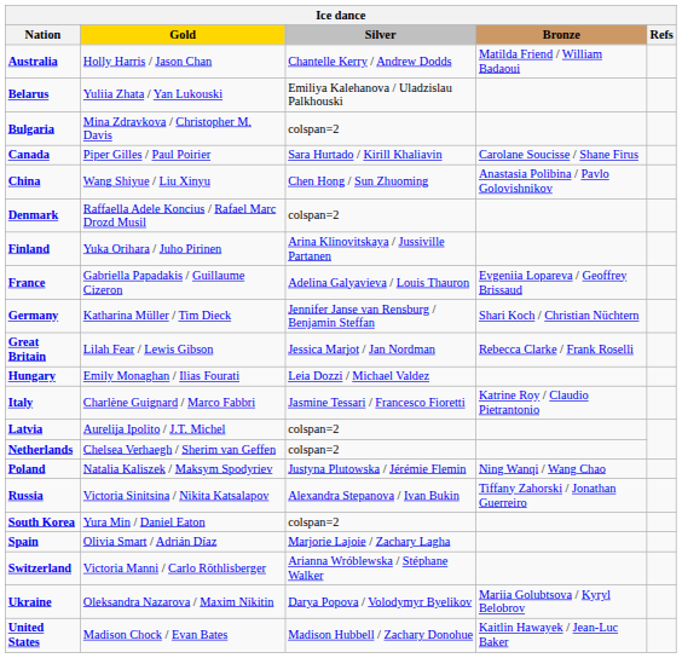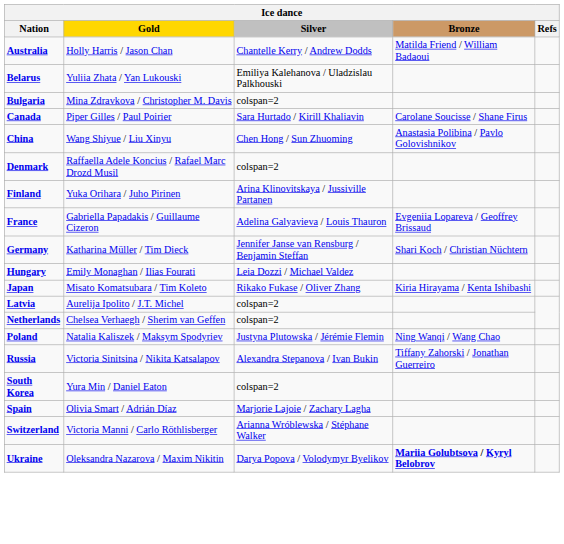 <table class="wikitable">
 <tr>
 <th colspan=5>Ice dance</th>
 </tr>
 <tr>
 <th>Nation</th>
 <td style="text-align:center; background:gold;"><strong>Gold</strong></td>
 <td style="text-align:center; background:silver;"><strong>Silver</strong></td>
 <td style="text-align:center; background:#c96;"><strong>Bronze</strong></td>
 <th>Refs</th>
 </tr>
 <tr>
 <td><strong> <a href='#'>Australia</a></strong></td>
 <td><a href='#'>Holly Harris</a> / <a href='#'>Jason Chan</a></td>
 <td><a href='#'>Chantelle Kerry</a> / <a href='#'>Andrew Dodds</a></td>
 <td><a href='#'>Matilda Friend</a> / <a href='#'>William Badaoui</a></td>
 <td></td>
 </tr>
 <tr>
 <td><strong> <a href='#'>Belarus</a></strong></td>
 <td><a href='#'>Yuliia Zhata</a> / <a href='#'>Yan Lukouski</a></td>
 <td>Emiliya Kalehanova / Uladzislau Palkhouski</td>
 <td></td>
 <td></td>
 </tr>
 <tr>
 <td><strong> <a href='#'>Bulgaria</a></strong></td>
 <td><a href='#'>Mina Zdravkova</a> / <a href='#'>Christopher M. Davis</a></td>
 <td>colspan=2 </td>
 <td></td>
 </tr>
 <tr>
 <td><strong> <a href='#'>Canada</a></strong></td>
 <td><a href='#'>Piper Gilles</a> / <a href='#'>Paul Poirier</a></td>
 <td><a href='#'>Sara Hurtado</a> / <a href='#'>Kirill Khaliavin</a></td>
 <td><a href='#'>Carolane Soucisse</a> / <a href='#'>Shane Firus</a></td>
 <td></td>
 </tr>
 <tr>
 <td><strong> <a href='#'>China</a></strong></td>
 <td><a href='#'>Wang Shiyue</a> / <a href='#'>Liu Xinyu</a></td>
 <td><a href='#'>Chen Hong</a> / <a href='#'>Sun Zhuoming</a></td>
 <td><a href='#'>Anastasia Polibina</a> / <a href='#'>Pavlo Golovishnikov</a></td>
 <td></td>
 </tr>
 <tr>
 <td><strong> <a href='#'>Denmark</a></strong></td>
 <td><a href='#'>Raffaella Adele Koncius</a> / <a href='#'>Rafael Marc Drozd Musil</a></td>
 <td>colspan=2 </td>
 <td></td>
 </tr>
 <tr>
 <td><strong> <a href='#'>Finland</a></strong></td>
 <td><a href='#'>Yuka Orihara</a> / <a href='#'>Juho Pirinen</a></td>
 <td><a href='#'>Arina Klinovitskaya</a> / <a href='#'>Jussiville Partanen</a></td>
 <td></td>
 <td></td>
 </tr>
 <tr>
 <td><strong> <a href='#'>France</a></strong></td>
 <td><a href='#'>Gabriella Papadakis</a> / <a href='#'>Guillaume Cizeron</a></td>
 <td><a href='#'>Adelina Galyavieva</a> / <a href='#'>Louis Thauron</a></td>
 <td><a href='#'>Evgeniia Lopareva</a> / <a href='#'>Geoffrey Brissaud</a></td>
 <td></td>
 </tr>
 <tr>
 <td><strong> <a href='#'>Germany</a></strong></td>
 <td><a href='#'>Katharina Müller</a> / <a href='#'>Tim Dieck</a></td>
 <td><a href='#'>Jennifer Janse van Rensburg</a> / <a href='#'>Benjamin Steffan</a></td>
 <td><a href='#'>Shari Koch</a> / <a href='#'>Christian Nüchtern</a></td>
 <td></td>
 </tr>
 <tr>
-<td><strong> <a href='#'>Great Britain</a></strong></td>
-<td><a href='#'>Lilah Fear</a> / <a href='#'>Lewis Gibson</a></td>
-<td><a href='#'>Jessica Marjot</a> / <a href='#'>Jan Nordman</a></td>
-<td><a href='#'>Rebecca Clarke</a> / <a href='#'>Frank Roselli</a></td>
-<td></td>
-</tr>
-<tr>
 <td><strong> <a href='#'>Hungary</a></strong></td>
 <td><a href='#'>Emily Monaghan</a> / <a href='#'>Ilias Fourati</a></td>
 <td><a href='#'>Leia Dozzi</a> / <a href='#'>Michael Valdez</a></td>
 <td></td>
 <td></td>
 </tr>
 <tr>
-<td><strong> <a href='#'>Italy</a></strong></td>
-<td><a href='#'>Charlène Guignard</a> / <a href='#'>Marco Fabbri</a></td>
-<td><a href='#'>Jasmine Tessari</a> / <a href='#'>Francesco Fioretti</a></td>
-<td><a href='#'>Katrine Roy</a> / <a href='#'>Claudio Pietrantonio</a></td>
+<td><strong> <a href='#'>Japan</a></strong></td>
+<td><a href='#'>Misato Komatsubara</a> / <a href='#'>Tim Koleto</a></td>
+<td><a href='#'>Rikako Fukase</a> / <a href='#'>Oliver Zhang</a></td>
+<td><a href='#'>Kiria Hirayama</a> / <a href='#'>Kenta Ishibashi</a></td>
 <td></td>
 </tr>
 <tr>
 <td><strong> <a href='#'>Latvia</a></strong></td>
 <td><a href='#'>Aurelija Ipolito</a> / <a href='#'>J.T. Michel</a></td>
 <td>colspan=2 </td>
 <td></td>
 </tr>
 <tr>
 <td><strong> <a href='#'>Netherlands</a></strong></td>
 <td><a href='#'>Chelsea Verhaegh</a> / <a href='#'>Sherim van Geffen</a></td>
 <td>colspan=2 </td>
 <td></td>
 </tr>
 <tr>
 <td><strong> <a href='#'>Poland</a></strong></td>
 <td><a href='#'>Natalia Kaliszek</a> / <a href='#'>Maksym Spodyriev</a></td>
 <td><a href='#'>Justyna Plutowska</a> / <a href='#'>Jérémie Flemin</a></td>
 <td><a href='#'>Ning Wanqi</a> / <a href='#'>Wang Chao</a></td>
 <td></td>
 </tr>
 <tr>
 <td><strong> <a href='#'>Russia</a></strong></td>
 <td><a href='#'>Victoria Sinitsina</a> / <a href='#'>Nikita Katsalapov</a></td>
 <td><a href='#'>Alexandra Stepanova</a> / <a href='#'>Ivan Bukin</a></td>
 <td><a href='#'>Tiffany Zahorski</a> / <a href='#'>Jonathan Guerreiro</a></td>
 <td></td>
 </tr>
 <tr>
 <td><strong> <a href='#'>South Korea</a></strong></td>
 <td><a href='#'>Yura Min</a> / <a href='#'>Daniel Eaton</a></td>
 <td>colspan=2 </td>
 <td></td>
 </tr>
 <tr>
 <td><strong> <a href='#'>Spain</a></strong></td>
 <td><a href='#'>Olivia Smart</a> / <a href='#'>Adrián Díaz</a></td>
 <td><a href='#'>Marjorie Lajoie</a> / <a href='#'>Zachary Lagha</a></td>
 <td></td>
 <td></td>
 </tr>
 <tr>
 <td><strong> <a href='#'>Switzerland</a></strong></td>
 <td><a href='#'>Victoria Manni</a> / <a href='#'>Carlo Röthlisberger</a></td>
 <td><a href='#'>Arianna Wróblewska</a> / <a href='#'>Stéphane Walker</a></td>
 <td></td>
 <td></td>
 </tr>
 <tr>
 <td><strong> <a href='#'>Ukraine</a></strong></td>
 <td><a href='#'>Oleksandra Nazarova</a> / <a href='#'>Maxim Nikitin</a></td>
 <td><a href='#'>Darya Popova</a> / <a href='#'>Volodymyr Byelikov</a></td>
-<td><a href='#'>Mariia Golubtsova</a> / <a href='#'>Kyryl Belobrov</a></td>
-<td></td>
-</tr>
-<tr>
-<td><strong> <a href='#'>United States</a></strong></td>
-<td><a href='#'>Madison Chock</a> / <a href='#'>Evan Bates</a></td>
-<td><a href='#'>Madison Hubbell</a> / <a href='#'>Zachary Donohue</a></td>
-<td><a href='#'>Kaitlin Hawayek</a> / <a href='#'>Jean-Luc Baker</a></td>
+<td><strong><a href='#'>Mariia Golubtsova</a> / <a href='#'>Kyryl Belobrov</a></strong></td>
 <td></td>
 </tr>
 </table>
